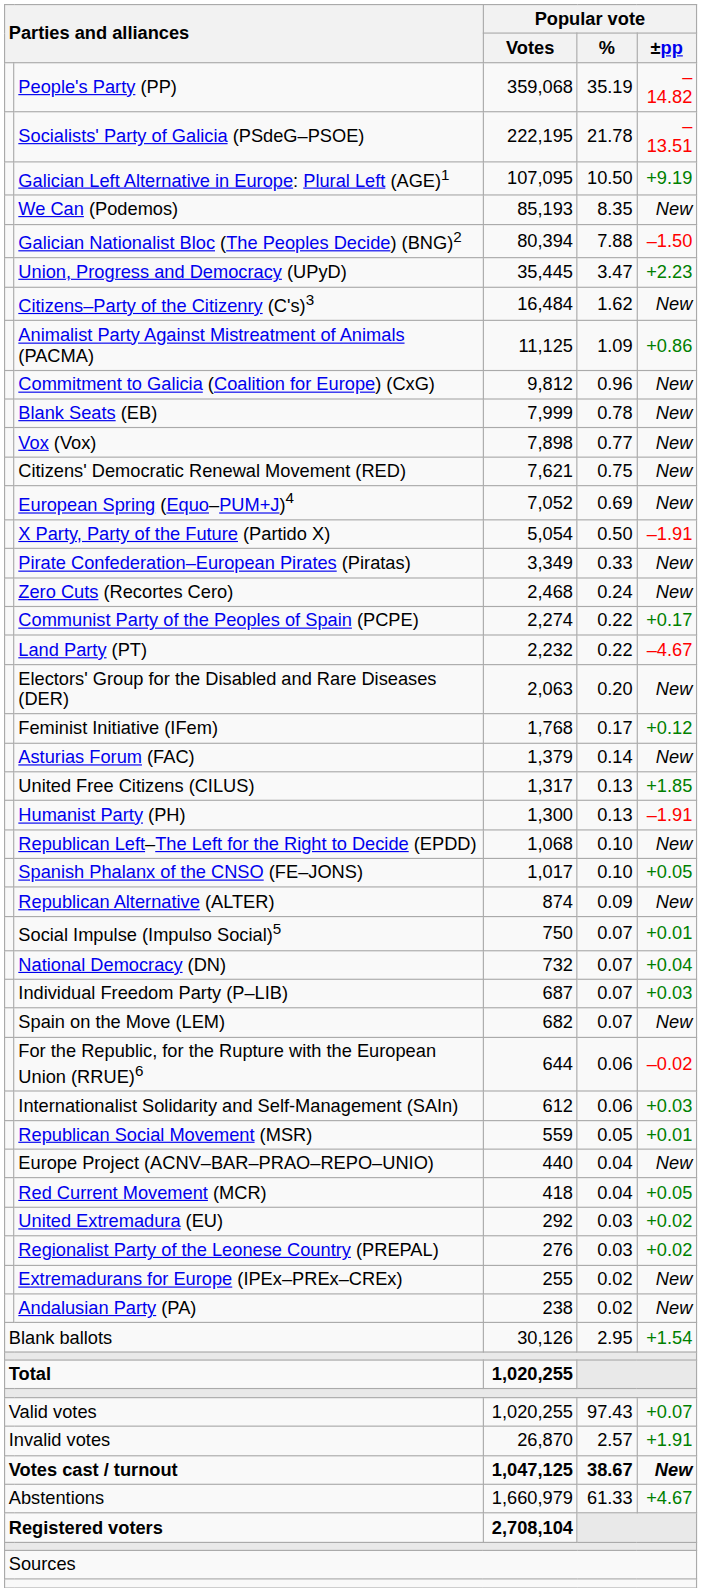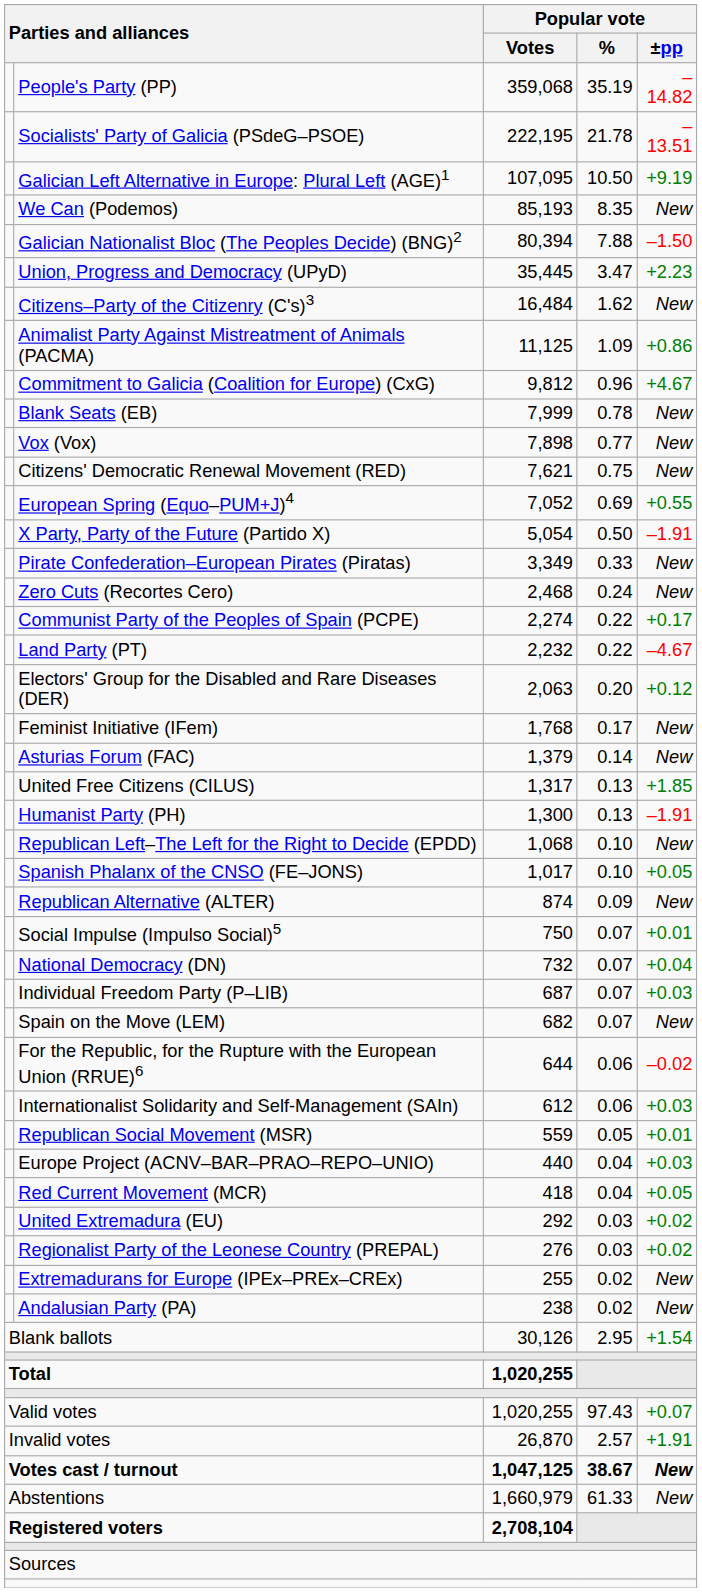 <table class="wikitable" style="text-align:right">
 <tr>
 <th style="text-align:left;" rowspan="2" colspan="2" width="525">Parties and alliances</th>
 <th colspan="3">Popular vote</th>
 </tr>
 <tr>
 <th width="75">Votes</th>
 <th width="45">%</th>
 <th width="45">±<a href='#'>pp</a></th>
 </tr>
 <tr>
 <td width="1" style="color:inherit;background:"></td>
 <td align="left"><a href='#'>People's Party</a> (PP)</td>
 <td>359,068</td>
 <td>35.19</td>
 <td style="color:red;">–14.82</td>
 </tr>
 <tr>
 <td style="color:inherit;background:"></td>
 <td align="left"><a href='#'>Socialists' Party of Galicia</a> (PSdeG–PSOE)</td>
 <td>222,195</td>
 <td>21.78</td>
 <td style="color:red;">–13.51</td>
 </tr>
 <tr>
 <td style="color:inherit;background:"></td>
 <td align="left"><a href='#'>Galician Left Alternative in Europe</a>: <a href='#'>Plural Left</a> (AGE)<sup>1</sup></td>
 <td>107,095</td>
 <td>10.50</td>
 <td style="color:green;">+9.19</td>
 </tr>
 <tr>
 <td style="color:inherit;background:"></td>
 <td align="left"><a href='#'>We Can</a> (Podemos)</td>
 <td>85,193</td>
 <td>8.35</td>
 <td><em>New</em></td>
 </tr>
 <tr>
 <td style="color:inherit;background:"></td>
 <td align="left"><a href='#'>Galician Nationalist Bloc</a> (<a href='#'>The Peoples Decide</a>) (BNG)<sup>2</sup></td>
 <td>80,394</td>
 <td>7.88</td>
 <td style="color:red;">–1.50</td>
 </tr>
 <tr>
 <td style="color:inherit;background:"></td>
 <td align="left"><a href='#'>Union, Progress and Democracy</a> (UPyD)</td>
 <td>35,445</td>
 <td>3.47</td>
 <td style="color:green;">+2.23</td>
 </tr>
 <tr>
 <td style="color:inherit;background:"></td>
 <td align="left"><a href='#'>Citizens–Party of the Citizenry</a> (C's)<sup>3</sup></td>
 <td>16,484</td>
 <td>1.62</td>
 <td><em>New</em></td>
 </tr>
 <tr>
 <td style="color:inherit;background:"></td>
 <td align="left"><a href='#'>Animalist Party Against Mistreatment of Animals</a> (PACMA)</td>
 <td>11,125</td>
 <td>1.09</td>
 <td style="color:green;">+0.86</td>
 </tr>
 <tr>
 <td style="color:inherit;background:"></td>
 <td align="left"><a href='#'>Commitment to Galicia</a> (<a href='#'>Coalition for Europe</a>) (CxG)</td>
 <td>9,812</td>
 <td>0.96</td>
-<td><em>New</em></td>
+<td style="color:green;">+4.67</td>
 </tr>
 <tr>
 <td style="color:inherit;background:"></td>
 <td align="left"><a href='#'>Blank Seats</a> (EB)</td>
 <td>7,999</td>
 <td>0.78</td>
 <td><em>New</em></td>
 </tr>
 <tr>
 <td style="color:inherit;background:"></td>
 <td align="left"><a href='#'>Vox</a> (Vox)</td>
 <td>7,898</td>
 <td>0.77</td>
 <td><em>New</em></td>
 </tr>
 <tr>
 <td style="color:inherit;background:"></td>
 <td align="left">Citizens' Democratic Renewal Movement (RED)</td>
 <td>7,621</td>
 <td>0.75</td>
 <td><em>New</em></td>
 </tr>
 <tr>
 <td style="color:inherit;background:"></td>
 <td align="left"><a href='#'>European Spring</a> (<a href='#'>Equo</a>–<a href='#'>PUM+J</a>)<sup>4</sup></td>
 <td>7,052</td>
 <td>0.69</td>
-<td><em>New</em></td>
+<td style="color:green;">+0.55</td>
 </tr>
 <tr>
 <td style="color:inherit;background:"></td>
 <td align="left"><a href='#'>X Party, Party of the Future</a> (Partido X)</td>
 <td>5,054</td>
 <td>0.50</td>
 <td style="color:red;">–1.91</td>
 </tr>
 <tr>
 <td style="color:inherit;background:"></td>
 <td align="left"><a href='#'>Pirate Confederation–European Pirates</a> (Piratas)</td>
 <td>3,349</td>
 <td>0.33</td>
 <td><em>New</em></td>
 </tr>
 <tr>
 <td style="color:inherit;background:"></td>
 <td align="left"><a href='#'>Zero Cuts</a> (Recortes Cero)</td>
 <td>2,468</td>
 <td>0.24</td>
 <td><em>New</em></td>
 </tr>
 <tr>
 <td style="color:inherit;background:"></td>
 <td align="left"><a href='#'>Communist Party of the Peoples of Spain</a> (PCPE)</td>
 <td>2,274</td>
 <td>0.22</td>
 <td style="color:green;">+0.17</td>
 </tr>
 <tr>
 <td style="color:inherit;background:"></td>
 <td align="left"><a href='#'>Land Party</a> (PT)</td>
 <td>2,232</td>
 <td>0.22</td>
 <td style="color:red;">–4.67</td>
 </tr>
 <tr>
 <td style="color:inherit;background:"></td>
 <td align="left">Electors' Group for the Disabled and Rare Diseases (DER)</td>
 <td>2,063</td>
 <td>0.20</td>
-<td><em>New</em></td>
+<td style="color:green;">+0.12</td>
 </tr>
 <tr>
 <td style="color:inherit;background:"></td>
 <td align="left">Feminist Initiative (IFem)</td>
 <td>1,768</td>
 <td>0.17</td>
-<td style="color:green;">+0.12</td>
+<td><em>New</em></td>
 </tr>
 <tr>
 <td style="color:inherit;background:"></td>
 <td align="left"><a href='#'>Asturias Forum</a> (FAC)</td>
 <td>1,379</td>
 <td>0.14</td>
 <td><em>New</em></td>
 </tr>
 <tr>
 <td style="color:inherit;background:"></td>
 <td align="left">United Free Citizens (CILUS)</td>
 <td>1,317</td>
 <td>0.13</td>
 <td style="color:green;">+1.85</td>
 </tr>
 <tr>
 <td style="color:inherit;background:"></td>
 <td align="left"><a href='#'>Humanist Party</a> (PH)</td>
 <td>1,300</td>
 <td>0.13</td>
 <td style="color:red;">–1.91</td>
 </tr>
 <tr>
 <td style="color:inherit;background:"></td>
 <td align="left"><a href='#'>Republican Left</a>–<a href='#'>The Left for the Right to Decide</a> (EPDD)</td>
 <td>1,068</td>
 <td>0.10</td>
 <td><em>New</em></td>
 </tr>
 <tr>
 <td style="color:inherit;background:"></td>
 <td align="left"><a href='#'>Spanish Phalanx of the CNSO</a> (FE–JONS)</td>
 <td>1,017</td>
 <td>0.10</td>
 <td style="color:green;">+0.05</td>
 </tr>
 <tr>
 <td style="color:inherit;background:"></td>
 <td align="left"><a href='#'>Republican Alternative</a> (ALTER)</td>
 <td>874</td>
 <td>0.09</td>
 <td><em>New</em></td>
 </tr>
 <tr>
 <td style="color:inherit;background:"></td>
 <td align="left">Social Impulse (Impulso Social)<sup>5</sup></td>
 <td>750</td>
 <td>0.07</td>
 <td style="color:green;">+0.01</td>
 </tr>
 <tr>
 <td style="color:inherit;background:"></td>
 <td align="left"><a href='#'>National Democracy</a> (DN)</td>
 <td>732</td>
 <td>0.07</td>
 <td style="color:green;">+0.04</td>
 </tr>
 <tr>
 <td style="color:inherit;background:"></td>
 <td align="left">Individual Freedom Party (P–LIB)</td>
 <td>687</td>
 <td>0.07</td>
 <td style="color:green;">+0.03</td>
 </tr>
 <tr>
 <td style="color:inherit;background:"></td>
 <td align="left">Spain on the Move (LEM)</td>
 <td>682</td>
 <td>0.07</td>
 <td><em>New</em></td>
 </tr>
 <tr>
 <td style="color:inherit;background:"></td>
 <td align="left">For the Republic, for the Rupture with the European Union (RRUE)<sup>6</sup></td>
 <td>644</td>
 <td>0.06</td>
 <td style="color:red;">–0.02</td>
 </tr>
 <tr>
 <td style="color:inherit;background:"></td>
 <td align="left">Internationalist Solidarity and Self-Management (SAIn)</td>
 <td>612</td>
 <td>0.06</td>
 <td style="color:green;">+0.03</td>
 </tr>
 <tr>
 <td style="color:inherit;background:"></td>
 <td align="left"><a href='#'>Republican Social Movement</a> (MSR)</td>
 <td>559</td>
 <td>0.05</td>
 <td style="color:green;">+0.01</td>
 </tr>
 <tr>
 <td style="color:inherit;background:"></td>
 <td align="left">Europe Project (ACNV–BAR–PRAO–REPO–UNIO)</td>
 <td>440</td>
 <td>0.04</td>
-<td><em>New</em></td>
+<td style="color:green;">+0.03</td>
 </tr>
 <tr>
 <td style="color:inherit;background:"></td>
 <td align="left"><a href='#'>Red Current Movement</a> (MCR)</td>
 <td>418</td>
 <td>0.04</td>
 <td style="color:green;">+0.05</td>
 </tr>
 <tr>
 <td style="color:inherit;background:"></td>
 <td align="left"><a href='#'>United Extremadura</a> (EU)</td>
 <td>292</td>
 <td>0.03</td>
 <td style="color:green;">+0.02</td>
 </tr>
 <tr>
 <td style="color:inherit;background:"></td>
 <td align="left"><a href='#'>Regionalist Party of the Leonese Country</a> (PREPAL)</td>
 <td>276</td>
 <td>0.03</td>
 <td style="color:green;">+0.02</td>
 </tr>
 <tr>
 <td style="color:inherit;background:"></td>
 <td align="left"><a href='#'>Extremadurans for Europe</a> (IPEx–PREx–CREx)</td>
 <td>255</td>
 <td>0.02</td>
 <td><em>New</em></td>
 </tr>
 <tr>
 <td style="color:inherit;background:"></td>
 <td align="left"><a href='#'>Andalusian Party</a> (PA)</td>
 <td>238</td>
 <td>0.02</td>
 <td><em>New</em></td>
 </tr>
 <tr>
 <td align="left" colspan="2">Blank ballots</td>
 <td>30,126</td>
 <td>2.95</td>
 <td style="color:green;">+1.54</td>
 </tr>
 <tr>
 <td colspan="5" bgcolor="#E9E9E9"></td>
 </tr>
 <tr style="font-weight:bold;">
 <td align="left" colspan="2">Total</td>
 <td>1,020,255</td>
 <td bgcolor="#E9E9E9" colspan="2"></td>
 </tr>
 <tr>
 <td colspan="5" bgcolor="#E9E9E9"></td>
 </tr>
 <tr>
 <td align="left" colspan="2">Valid votes</td>
 <td>1,020,255</td>
 <td>97.43</td>
 <td style="color:green;">+0.07</td>
 </tr>
 <tr>
 <td align="left" colspan="2">Invalid votes</td>
 <td>26,870</td>
 <td>2.57</td>
 <td style="color:green;">+1.91</td>
 </tr>
 <tr style="font-weight:bold;">
 <td align="left" colspan="2">Votes cast / turnout</td>
 <td>1,047,125</td>
 <td>38.67</td>
 <td><em>New</em></td>
 </tr>
 <tr>
 <td align="left" colspan="2">Abstentions</td>
 <td>1,660,979</td>
 <td>61.33</td>
-<td style="color:green;">+4.67</td>
+<td><em>New</em></td>
 </tr>
 <tr style="font-weight:bold;">
 <td align="left" colspan="2">Registered voters</td>
 <td>2,708,104</td>
 <td bgcolor="#E9E9E9" colspan="2"></td>
 </tr>
 <tr>
 <td colspan="5" bgcolor="#E9E9E9"></td>
 </tr>
 <tr>
 <td align="left" colspan="5">Sources</td>
 </tr>
 <tr>
 <td colspan="5" style="text-align:left; max-width:680px;"></td>
 </tr>
 </table>
